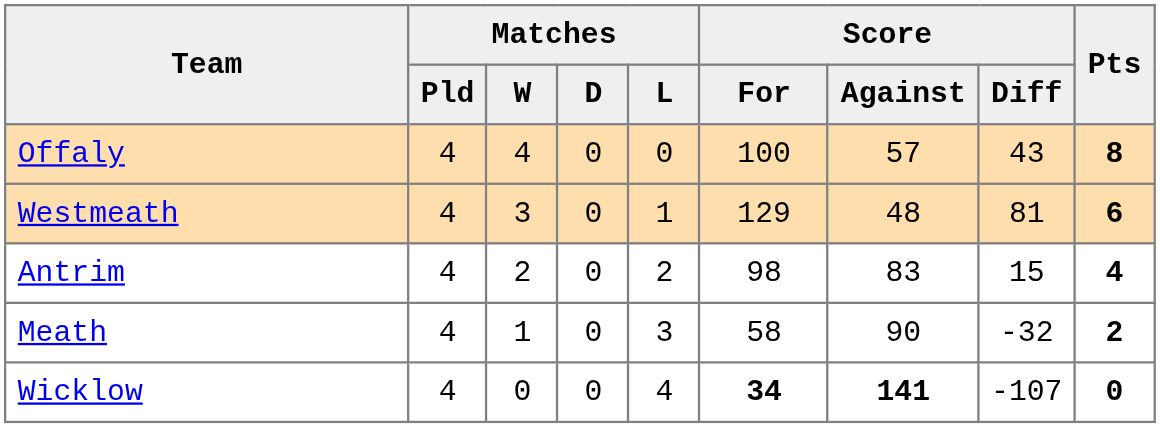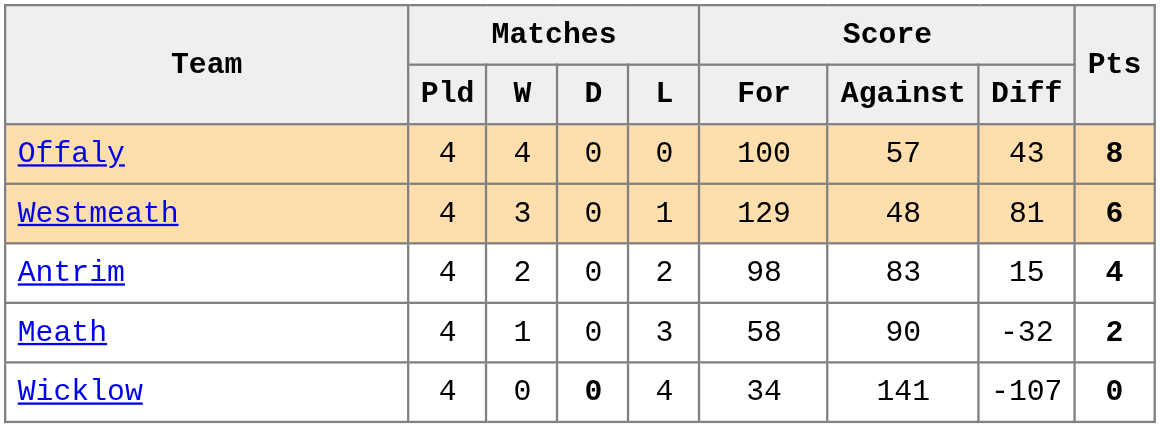 <table style=border-collapse:collapse border=1 cellspacing=0 cellpadding=5>
 <tr align=center bgcolor=#efefef>
 <th rowspan=2 width=165>Team</th>
 <th colspan=4>Matches</th>
 <th colspan=3>Score</th>
 <th rowspan=2width=20>Pts</th>
 </tr>
 <tr align=center bgcolor=#efefef>
 <th width=20>Pld</th>
 <th width=20>W</th>
 <th width=20>D</th>
 <th width=20>L</th>
 <th width=45>For</th>
 <th width=45>Against</th>
 <th width=30>Diff</th>
 </tr>
 <tr align=center style="background:#FFDEAD;">
 <td style="text-align:left;"><a href='#'>Offaly</a></td>
 <td>4</td>
 <td>4</td>
 <td>0</td>
 <td>0</td>
 <td>100</td>
 <td>57</td>
 <td>43</td>
 <td><strong>8</strong></td>
 </tr>
 <tr align=center style="background:#FFDEAD;">
 <td style="text-align:left;"><a href='#'>Westmeath</a></td>
 <td>4</td>
 <td>3</td>
 <td>0</td>
 <td>1</td>
 <td>129</td>
 <td>48</td>
 <td>81</td>
 <td><strong>6</strong></td>
 </tr>
 <tr align=center>
 <td style="text-align:left;"><a href='#'>Antrim</a></td>
 <td>4</td>
 <td>2</td>
 <td>0</td>
 <td>2</td>
 <td>98</td>
 <td>83</td>
 <td>15</td>
 <td><strong>4</strong></td>
 </tr>
 <tr align=center>
 <td style="text-align:left;"><a href='#'>Meath</a></td>
 <td>4</td>
 <td>1</td>
 <td>0</td>
 <td>3</td>
 <td>58</td>
 <td>90</td>
 <td>-32</td>
 <td><strong>2</strong></td>
 </tr>
 <tr align=center>
 <td style="text-align:left;"><a href='#'>Wicklow</a></td>
 <td>4</td>
 <td>0</td>
-<td>0</td>
+<td><strong>0</strong></td>
 <td>4</td>
-<td><strong>34</strong></td>
-<td><strong>141</strong></td>
+<td>34</td>
+<td>141</td>
 <td>-107</td>
 <td><strong>0</strong></td>
 </tr>
 </table>
